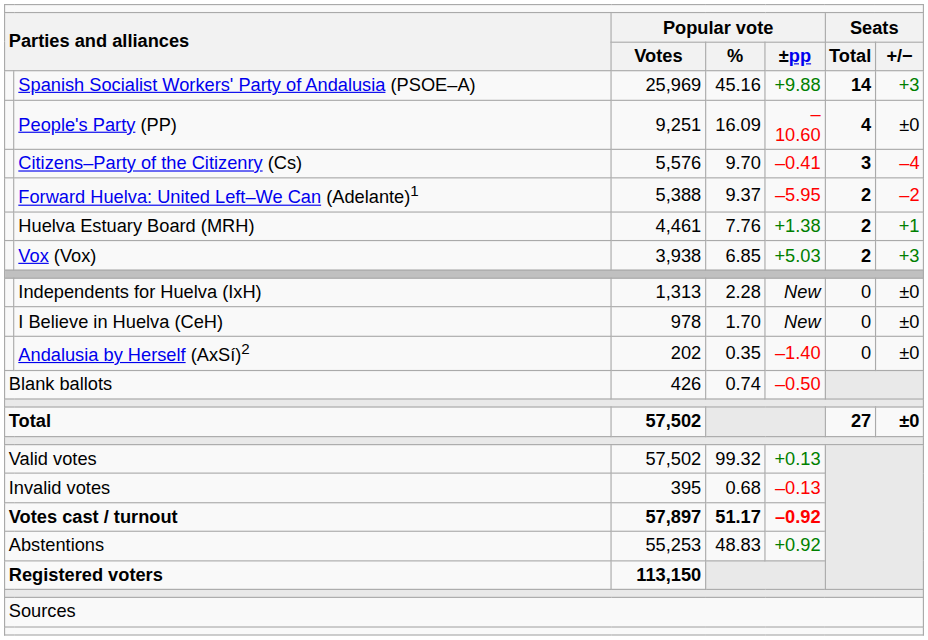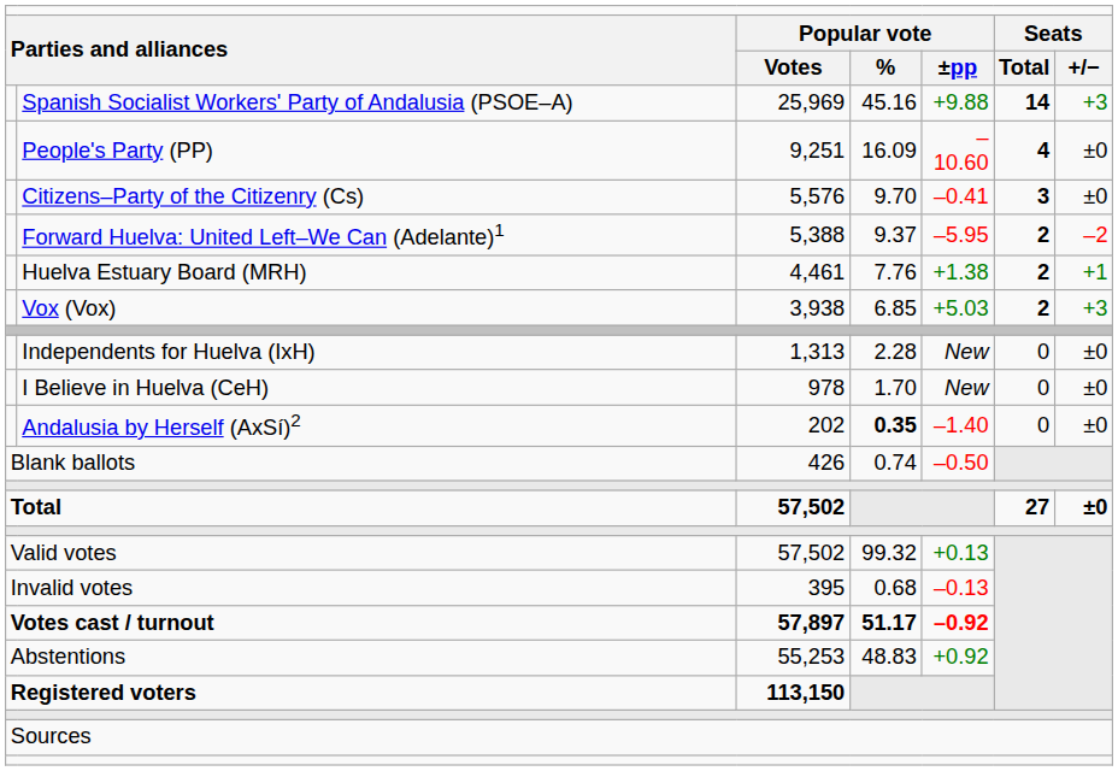 <table class="wikitable" style="text-align:right;">
 <tr>
 <td colspan="7"></td>
 </tr>
 <tr>
 <th style="text-align:left;" rowspan="2" colspan="2" width="525">Parties and alliances</th>
 <th colspan="3">Popular vote</th>
 <th colspan="2">Seats</th>
 </tr>
 <tr>
 <th width="75">Votes</th>
 <th width="45">%</th>
 <th width="45">±<a href='#'>pp</a></th>
 <th width="35">Total</th>
 <th width="35">+/−</th>
 </tr>
 <tr>
 <td width="1" style="color:inherit;background:"></td>
 <td align="left"><a href='#'>Spanish Socialist Workers' Party of Andalusia</a> (PSOE–A)</td>
 <td>25,969</td>
 <td>45.16</td>
 <td style="color:green;">+9.88</td>
 <td><strong>14</strong></td>
 <td style="color:green;">+3</td>
 </tr>
 <tr>
 <td style="color:inherit;background:"></td>
 <td align="left"><a href='#'>People's Party</a> (PP)</td>
 <td>9,251</td>
 <td>16.09</td>
 <td style="color:red;">–10.60</td>
 <td><strong>4</strong></td>
 <td>±0</td>
 </tr>
 <tr>
 <td style="color:inherit;background:"></td>
 <td align="left"><a href='#'>Citizens–Party of the Citizenry</a> (Cs)</td>
 <td>5,576</td>
 <td>9.70</td>
 <td style="color:red;">–0.41</td>
 <td><strong>3</strong></td>
-<td style="color:red;">–4</td>
+<td>±0</td>
 </tr>
 <tr>
 <td style="color:inherit;background:"></td>
 <td align="left"><a href='#'>Forward Huelva: United Left–We Can</a> (Adelante)<sup>1</sup></td>
 <td>5,388</td>
 <td>9.37</td>
 <td style="color:red;">–5.95</td>
 <td><strong>2</strong></td>
 <td style="color:red;">–2</td>
 </tr>
 <tr>
 <td style="color:inherit;background:"></td>
 <td align="left">Huelva Estuary Board (MRH)</td>
 <td>4,461</td>
 <td>7.76</td>
 <td style="color:green;">+1.38</td>
 <td><strong>2</strong></td>
 <td style="color:green;">+1</td>
 </tr>
 <tr>
 <td style="color:inherit;background:"></td>
 <td align="left"><a href='#'>Vox</a> (Vox)</td>
 <td>3,938</td>
 <td>6.85</td>
 <td style="color:green;">+5.03</td>
 <td><strong>2</strong></td>
 <td style="color:green;">+3</td>
 </tr>
 <tr>
 <td colspan="7" bgcolor="#C0C0C0"></td>
 </tr>
 <tr>
 <td style="color:inherit;background:"></td>
 <td align="left">Independents for Huelva (IxH)</td>
 <td>1,313</td>
 <td>2.28</td>
 <td><em>New</em></td>
 <td>0</td>
 <td>±0</td>
 </tr>
 <tr>
 <td style="color:inherit;background:"></td>
 <td align="left">I Believe in Huelva (CeH)</td>
 <td>978</td>
 <td>1.70</td>
 <td><em>New</em></td>
 <td>0</td>
 <td>±0</td>
 </tr>
 <tr>
 <td style="color:inherit;background:"></td>
 <td align="left"><a href='#'>Andalusia by Herself</a> (AxSí)<sup>2</sup></td>
 <td>202</td>
-<td>0.35</td>
+<td><strong>0.35</strong></td>
 <td style="color:red;">–1.40</td>
 <td>0</td>
 <td>±0</td>
 </tr>
 <tr>
 <td align="left" colspan="2">Blank ballots</td>
 <td>426</td>
 <td>0.74</td>
 <td style="color:red;">–0.50</td>
 <td bgcolor="#E9E9E9" colspan="2"></td>
 </tr>
 <tr>
 <td colspan="7" bgcolor="#E9E9E9"></td>
 </tr>
 <tr style="font-weight:bold;">
 <td align="left" colspan="2">Total</td>
 <td>57,502</td>
 <td bgcolor="#E9E9E9" colspan="2"></td>
 <td>27</td>
 <td>±0</td>
 </tr>
 <tr>
 <td colspan="7" bgcolor="#E9E9E9"></td>
 </tr>
 <tr>
 <td align="left" colspan="2">Valid votes</td>
 <td>57,502</td>
 <td>99.32</td>
 <td style="color:green;">+0.13</td>
 <td bgcolor="#E9E9E9" colspan="2" rowspan="5"></td>
 </tr>
 <tr>
 <td align="left" colspan="2">Invalid votes</td>
 <td>395</td>
 <td>0.68</td>
 <td style="color:red;">–0.13</td>
 </tr>
 <tr style="font-weight:bold;">
 <td align="left" colspan="2">Votes cast / turnout</td>
 <td>57,897</td>
 <td>51.17</td>
 <td style="color:red;">–0.92</td>
 </tr>
 <tr>
 <td align="left" colspan="2">Abstentions</td>
 <td>55,253</td>
 <td>48.83</td>
 <td style="color:green;">+0.92</td>
 </tr>
 <tr style="font-weight:bold;">
 <td align="left" colspan="2">Registered voters</td>
 <td>113,150</td>
 <td bgcolor="#E9E9E9" colspan="2"></td>
 </tr>
 <tr>
 <td colspan="7" bgcolor="#E9E9E9"></td>
 </tr>
 <tr>
 <td align="left" colspan="7">Sources</td>
 </tr>
 <tr>
 <td colspan="7" style="text-align:left; max-width:790px;"></td>
 </tr>
 </table>
